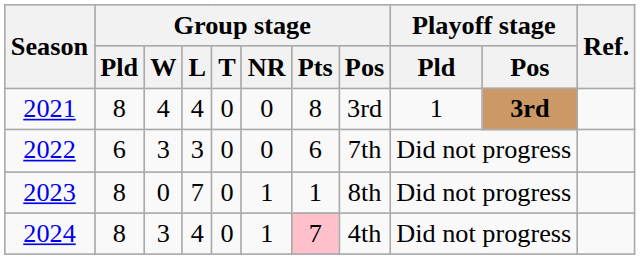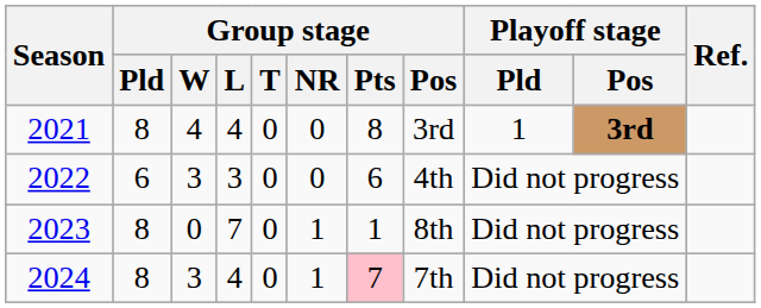 <table class="wikitable" style="text-align: center">
 <tr>
 <th rowspan=2>Season</th>
 <th colspan=7>Group stage</th>
 <th colspan=2>Playoff stage</th>
 <th rowspan=2>Ref.</th>
 </tr>
 <tr>
 <th>Pld</th>
 <th>W</th>
 <th>L</th>
 <th>T</th>
 <th>NR</th>
 <th>Pts</th>
 <th>Pos</th>
 <th>Pld</th>
 <th>Pos</th>
 </tr>
 <tr>
 <td><a href='#'>2021</a></td>
 <td>8</td>
 <td>4</td>
 <td>4</td>
 <td>0</td>
 <td>0</td>
 <td>8</td>
 <td>3rd</td>
 <td>1</td>
 <td bgcolor=#cc9966><strong>3rd</strong></td>
 <td></td>
 </tr>
 <tr>
 <td><a href='#'>2022</a></td>
 <td>6</td>
 <td>3</td>
 <td>3</td>
 <td>0</td>
 <td>0</td>
 <td>6</td>
-<td>7th</td>
+<td>4th</td>
 <td colspan=2>Did not progress</td>
 <td></td>
 </tr>
 <tr>
 <td><a href='#'>2023</a></td>
 <td>8</td>
 <td>0</td>
 <td>7</td>
 <td>0</td>
 <td>1</td>
 <td>1</td>
 <td>8th</td>
 <td colspan=2>Did not progress</td>
 <td></td>
 </tr>
 <tr>
 <td><a href='#'>2024</a></td>
 <td>8</td>
 <td>3</td>
 <td>4</td>
 <td>0</td>
 <td>1</td>
 <td style="background: pink;">7</td>
-<td>4th</td>
+<td>7th</td>
 <td colspan=2>Did not progress</td>
 <td></td>
 </tr>
 </table>
